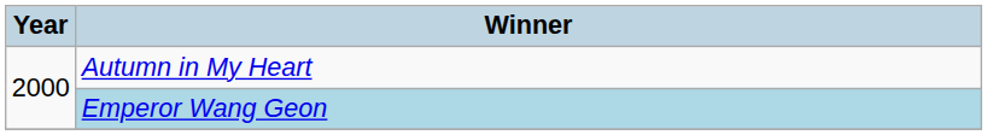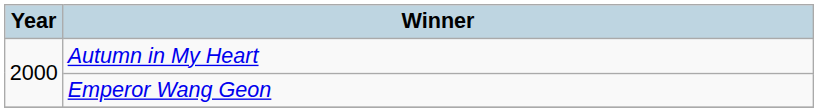 <table class="wikitable" style="width:600px">
 <tr>
 <th style="background:#BED5E1;" width=30>Year</th>
 <th style="background:#BED5E1;">Winner</th>
 </tr>
 <tr>
 <td rowspan=2>2000</td>
 <td><em><a href='#'>Autumn in My Heart</a></em></td>
 </tr>
 <tr>
-<td style="background: lightblue;"><em><a href='#'>Emperor Wang Geon</a></em></td>
+<td><em><a href='#'>Emperor Wang Geon</a></em></td>
 </tr>
 <tr>
 </tr>
 </table>
